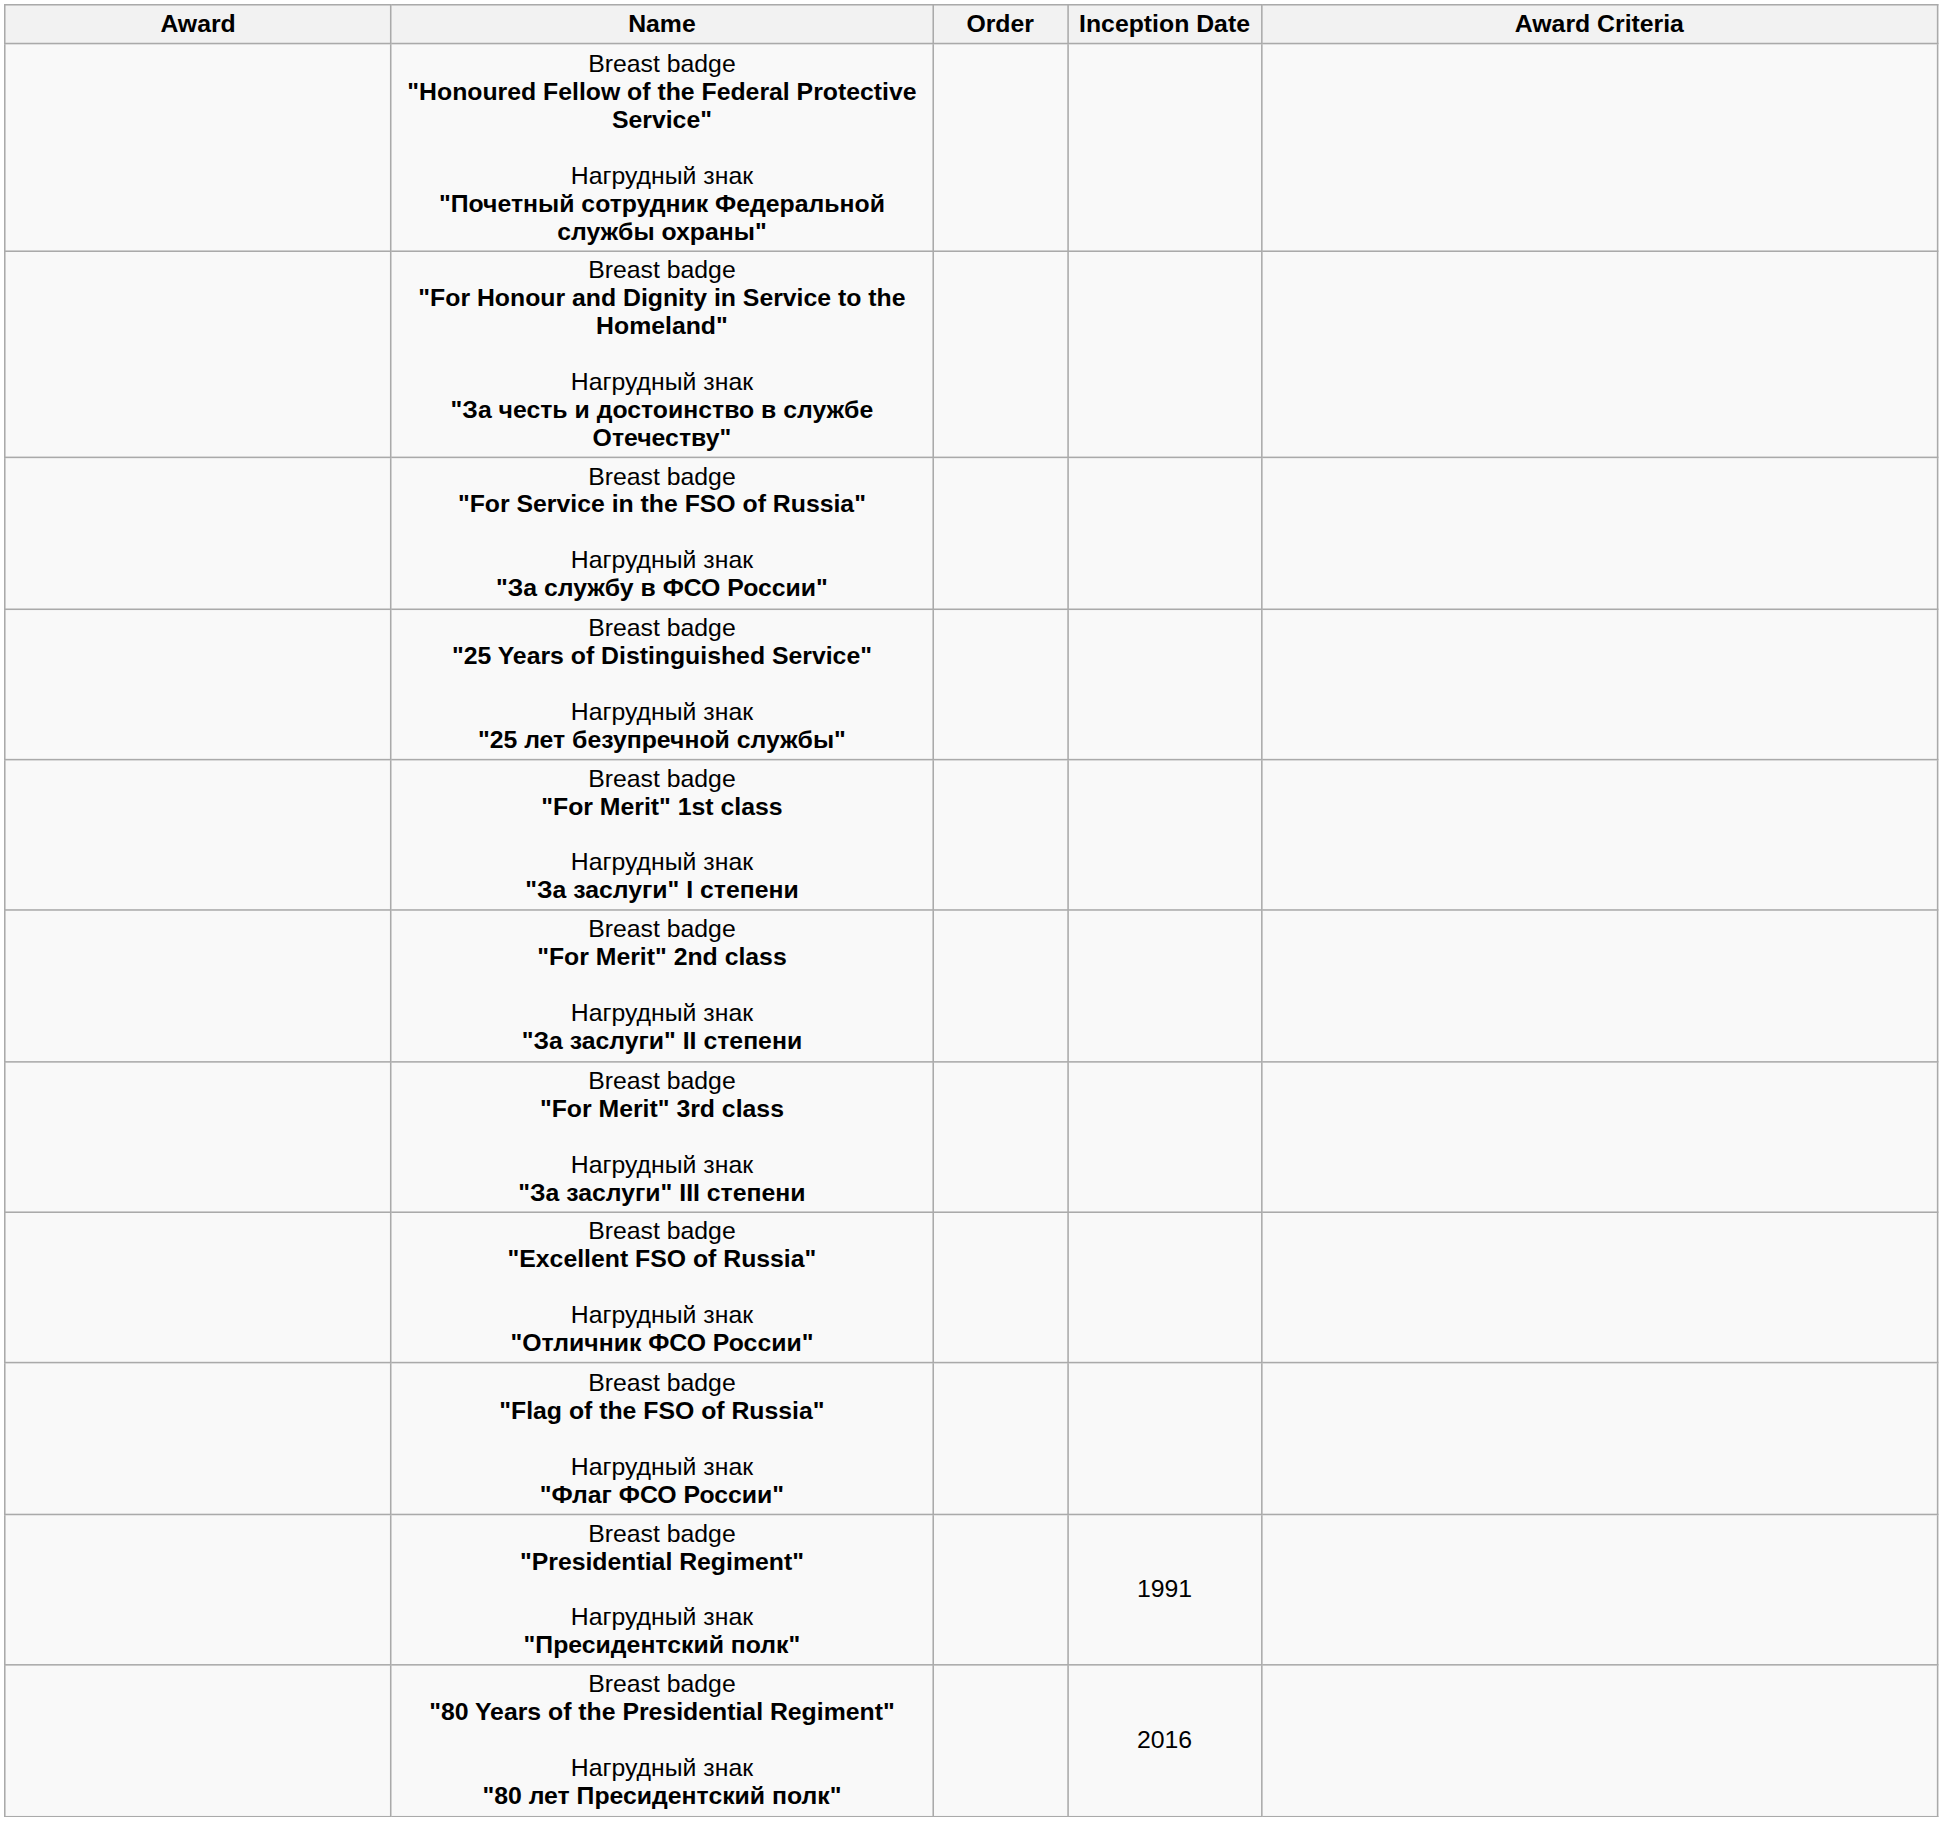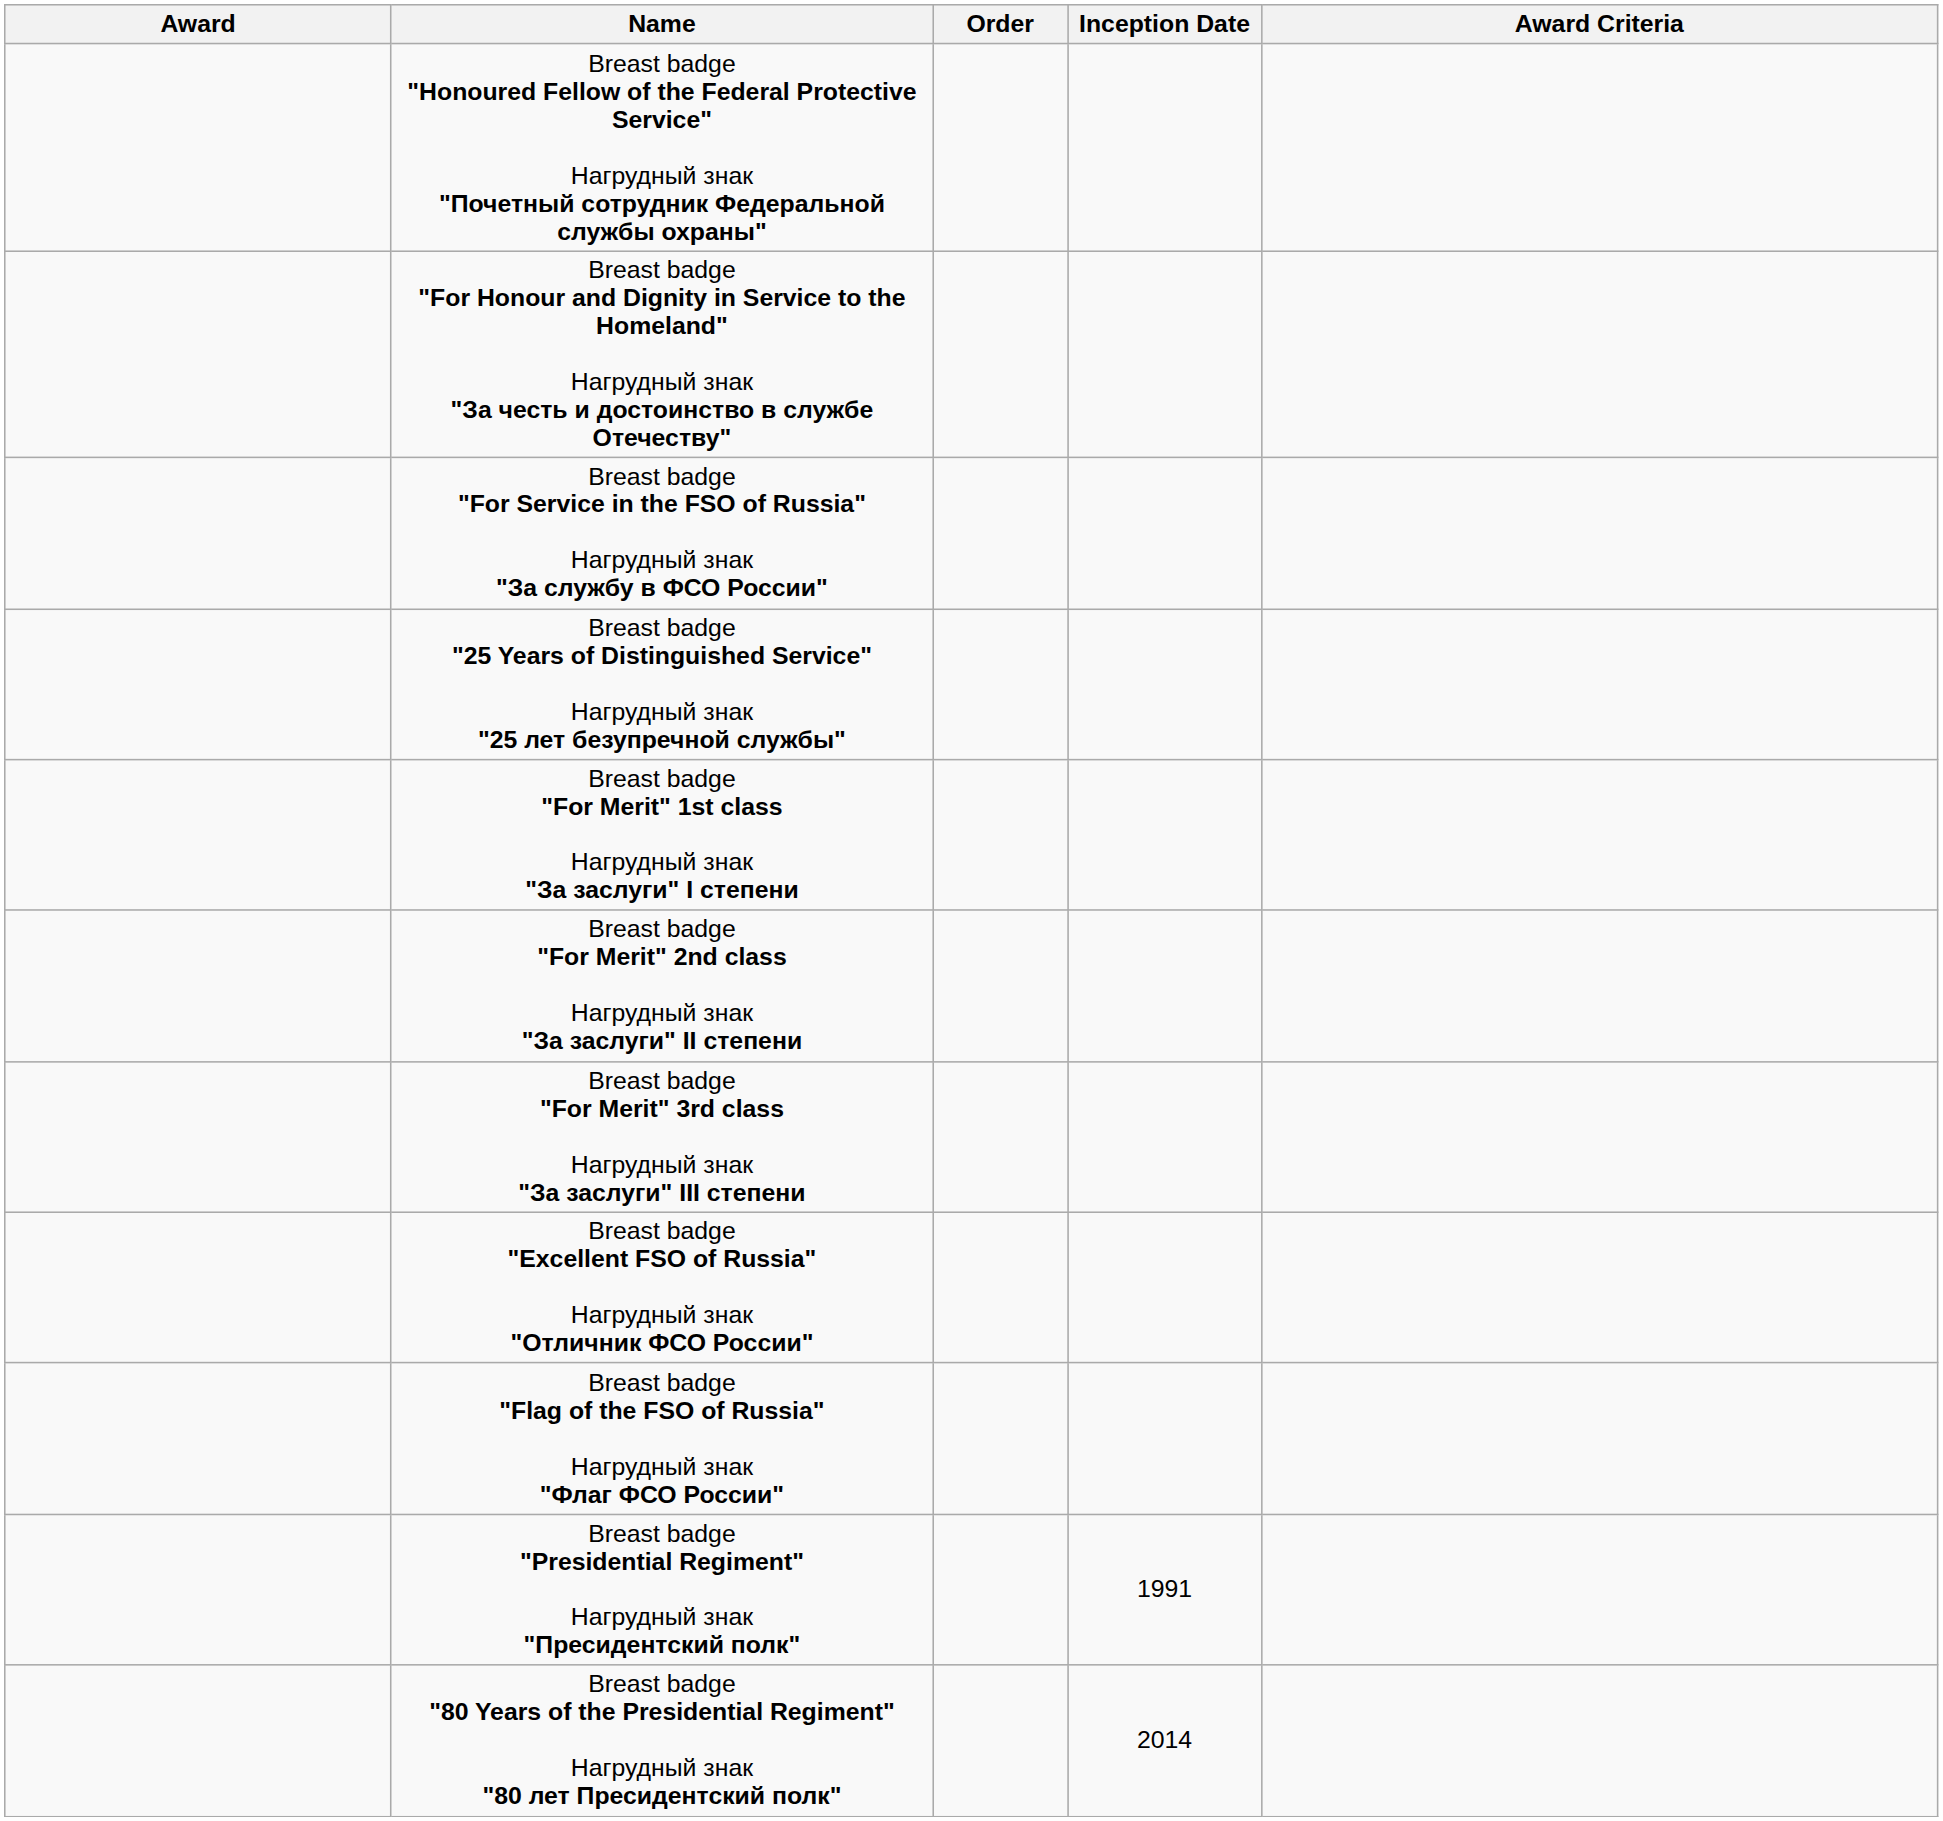 <table class="wikitable sortable" style="text-align:center">
 <tr>
 <th style="width:20%">Award</th>
 <th style="width:28%">Name </th>
 <th>Order</th>
 <th style="width:10%">Inception Date</th>
 <th style="width:35%">Award Criteria</th>
 </tr>
 <tr>
 <td></td>
 <td>Breast badge<br><strong>"Honoured Fellow of the Federal Protective Service"</strong><br><br>Нагрудный знак<br><strong>"Почетный сотрудник Федеральной службы охраны"</strong></td>
 <td></td>
 <td></td>
 <td></td>
 </tr>
 <tr>
 <td></td>
 <td>Breast badge<br><strong>"For Honour and Dignity in Service to the Homeland"</strong><br><br>Нагрудный знак<br><strong>"За честь и достоинство в службе Отечеству"</strong></td>
 <td></td>
 <td></td>
 <td></td>
 </tr>
 <tr>
 <td></td>
 <td>Breast badge<br><strong>"For Service in the FSO of Russia"</strong><br><br>Нагрудный знак<br><strong>"За службу в ФСО России"</strong></td>
 <td></td>
 <td></td>
 <td></td>
 </tr>
 <tr>
 <td></td>
 <td>Breast badge<br><strong>"25 Years of Distinguished Service"</strong><br><br>Нагрудный знак<br><strong>"25 лет безупречной службы"</strong></td>
 <td></td>
 <td></td>
 <td></td>
 </tr>
 <tr>
 <td></td>
 <td>Breast badge<br><strong>"For Merit" 1st class</strong><br><br>Нагрудный знак<br><strong>"За заслуги" I степени</strong></td>
 <td></td>
 <td></td>
 <td></td>
 </tr>
 <tr>
 <td></td>
 <td>Breast badge<br><strong>"For Merit" 2nd class</strong><br><br>Нагрудный знак<br><strong>"За заслуги" II степени</strong></td>
 <td></td>
 <td></td>
 <td></td>
 </tr>
 <tr>
 <td></td>
 <td>Breast badge<br><strong>"For Merit" 3rd class</strong><br><br>Нагрудный знак<br><strong>"За заслуги" III степени</strong></td>
 <td></td>
 <td></td>
 <td></td>
 </tr>
 <tr>
 <td></td>
 <td>Breast badge<br><strong>"Excellent FSO of Russia"</strong><br><br>Нагрудный знак<br><strong>"Отличник ФСО России"</strong></td>
 <td></td>
 <td></td>
 <td></td>
 </tr>
 <tr>
 <td></td>
 <td>Breast badge<br><strong>"Flag of the FSO of Russia"</strong><br><br>Нагрудный знак<br><strong>"Флаг ФСО России"</strong></td>
 <td></td>
 <td></td>
 <td></td>
 </tr>
 <tr>
 <td></td>
 <td>Breast badge<br><strong>"Presidential Regiment"</strong><br><br>Нагрудный знак<br><strong>"Пресидентский полк"</strong></td>
 <td></td>
 <td>1991</td>
 <td></td>
 </tr>
 <tr>
 <td></td>
 <td>Breast badge<br><strong>"80 Years of the Presidential Regiment"</strong><br><br>Нагрудный знак<br><strong>"80 лет Пресидентский полк"</strong></td>
 <td></td>
-<td>2016</td>
+<td>2014</td>
 <td></td>
 </tr>
 </table>
